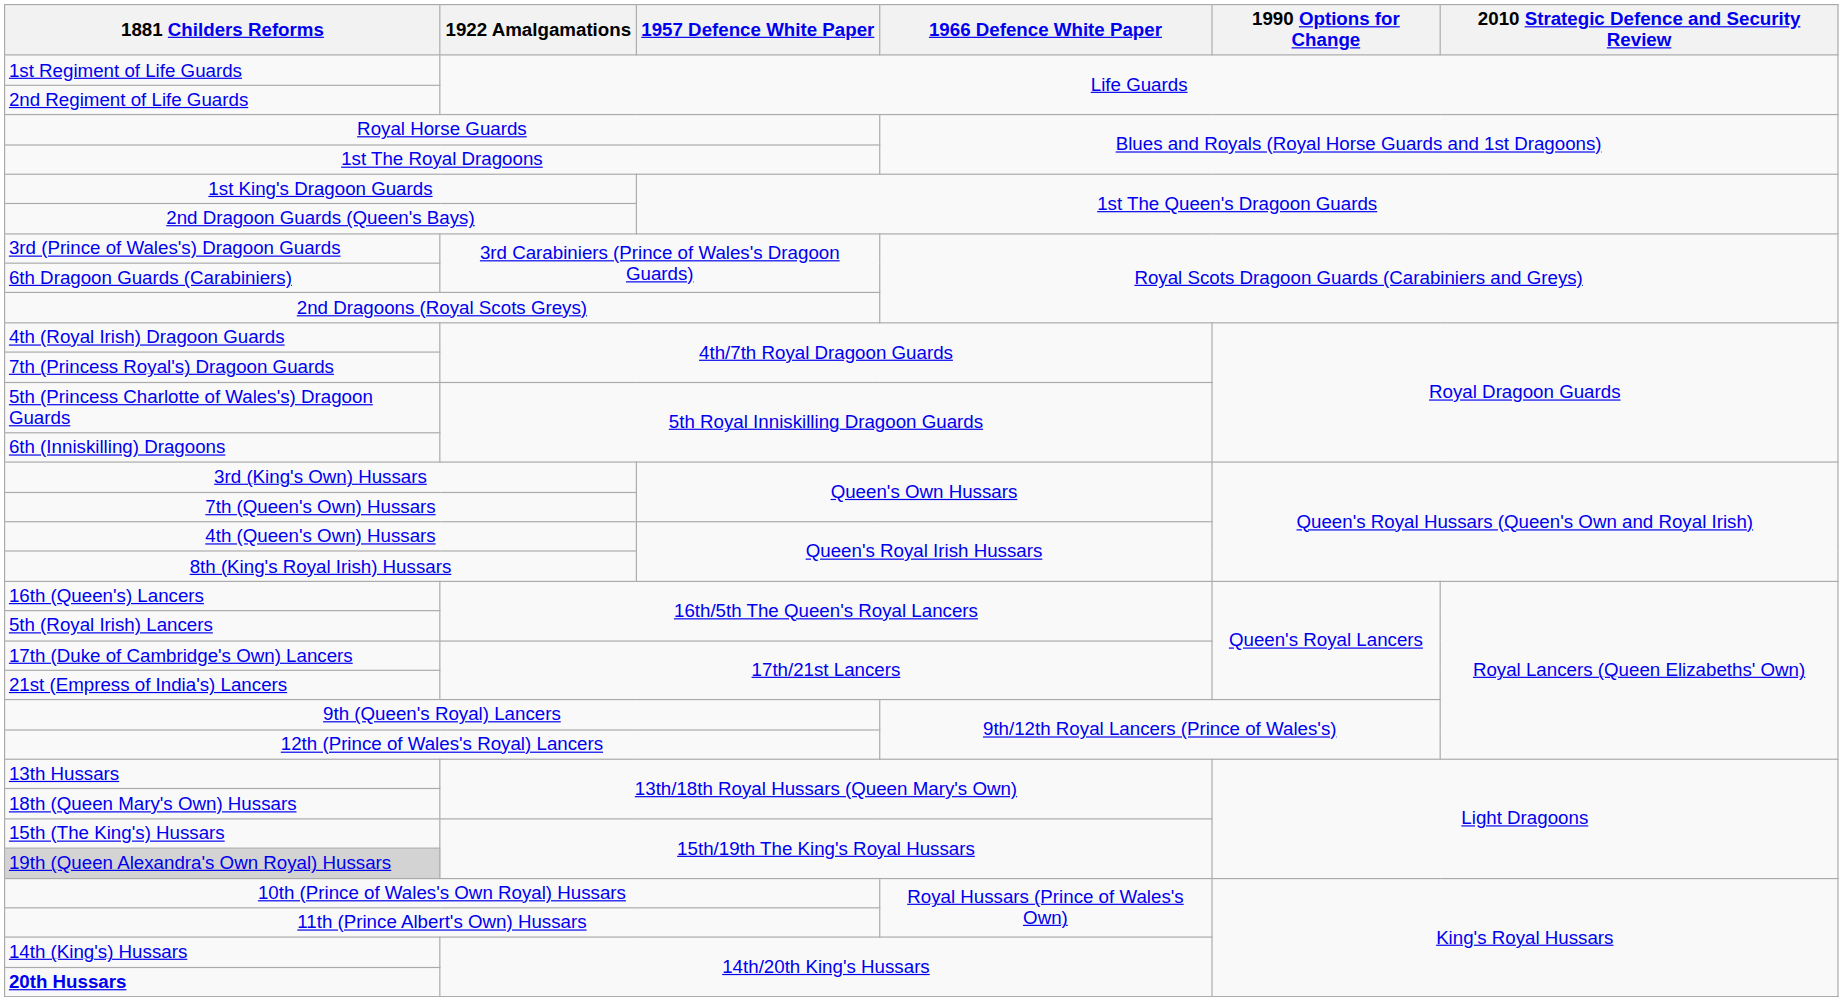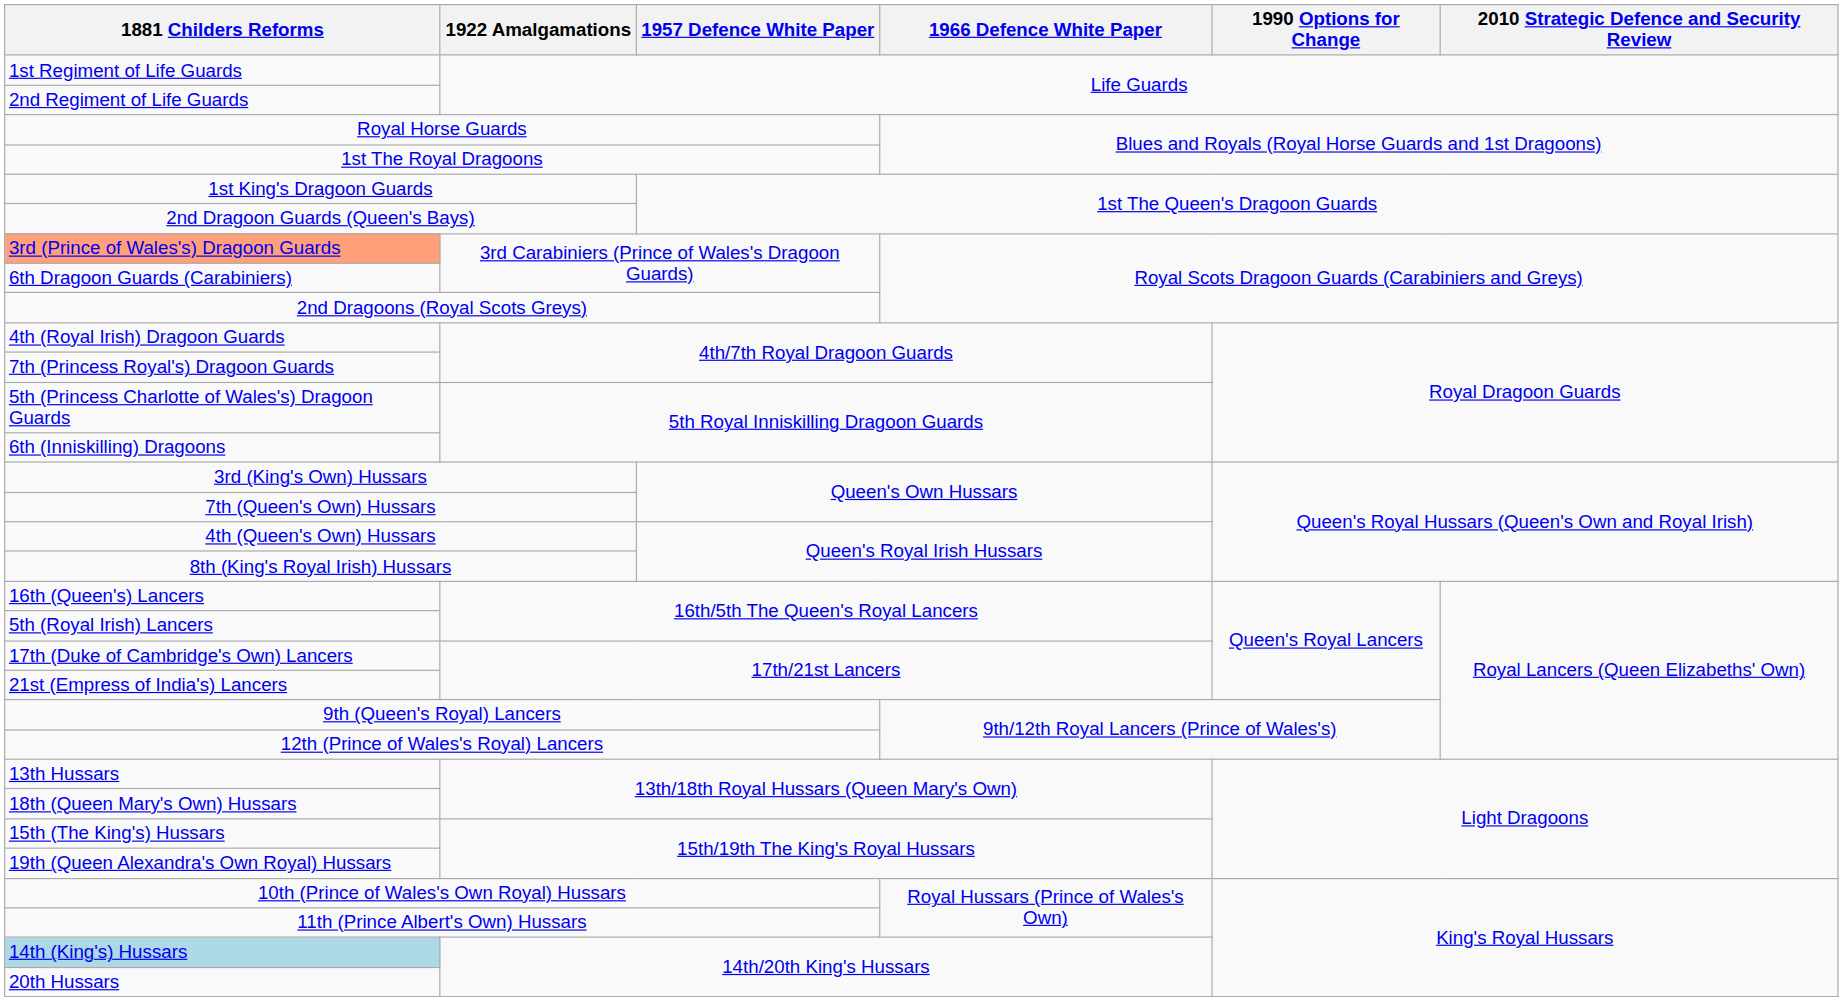 <table class="wikitable">
 <tr>
 <th>1881 <a href='#'>Childers Reforms</a></th>
 <th>1922 Amalgamations</th>
 <th><a href='#'>1957 Defence White Paper</a></th>
 <th><a href='#'>1966 Defence White Paper</a></th>
 <th>1990 <a href='#'>Options for Change</a></th>
 <th>2010 <a href='#'>Strategic Defence and Security Review</a></th>
 </tr>
 <tr>
 <td><a href='#'>1st Regiment of Life Guards</a></td>
 <td rowspan="2" colspan="5" style="text-align: center;"><a href='#'>Life Guards</a></td>
 </tr>
 <tr>
 <td><a href='#'>2nd Regiment of Life Guards</a></td>
 </tr>
 <tr>
 <td rowspan="1" colspan="3" style="text-align: center;"><a href='#'>Royal Horse Guards</a></td>
 <td rowspan="2" colspan="3" style="text-align: center;"><a href='#'>Blues and Royals (Royal Horse Guards and 1st Dragoons)</a></td>
 </tr>
 <tr>
 <td rowspan="1" colspan="3" style="text-align: center;"><a href='#'>1st The Royal Dragoons</a></td>
 </tr>
 <tr>
 <td rowspan="1" colspan="2" style="text-align: center;"><a href='#'>1st King's Dragoon Guards</a></td>
 <td rowspan="2" colspan="4" style="text-align: center;"><a href='#'>1st The Queen's Dragoon Guards</a></td>
 </tr>
 <tr>
 <td rowspan="1" colspan="2" style="text-align: center;"><a href='#'>2nd Dragoon Guards (Queen's Bays)</a></td>
 </tr>
 <tr>
-<td><a href='#'>3rd (Prince of Wales's) Dragoon Guards</a></td>
+<td style="background: lightsalmon;"><a href='#'>3rd (Prince of Wales's) Dragoon Guards</a></td>
 <td rowspan="2" colspan="2" style="text-align: center;"><a href='#'>3rd Carabiniers (Prince of Wales's Dragoon Guards)</a></td>
 <td rowspan="3" colspan="3" style="text-align: center;"><a href='#'>Royal Scots Dragoon Guards (Carabiniers and Greys)</a></td>
 </tr>
 <tr>
 <td><a href='#'>6th Dragoon Guards (Carabiniers)</a></td>
 </tr>
 <tr>
 <td rowspan="1" colspan="3" style="text-align: center;"><a href='#'>2nd Dragoons (Royal Scots Greys)</a></td>
 </tr>
 <tr>
 <td><a href='#'>4th (Royal Irish) Dragoon Guards</a></td>
 <td rowspan="2" colspan="3" style="text-align: center;"><a href='#'>4th/7th Royal Dragoon Guards</a></td>
 <td rowspan="4" colspan="2" style="text-align: center;"><a href='#'>Royal Dragoon Guards</a></td>
 </tr>
 <tr>
 <td><a href='#'>7th (Princess Royal's) Dragoon Guards</a></td>
 </tr>
 <tr>
 <td><a href='#'>5th (Princess Charlotte of Wales's) Dragoon Guards</a></td>
 <td rowspan="2" colspan="3" style="text-align: center;"><a href='#'>5th Royal Inniskilling Dragoon Guards</a></td>
 </tr>
 <tr>
 <td><a href='#'>6th (Inniskilling) Dragoons</a></td>
 </tr>
 <tr>
 <td rowspan="1" colspan="2" style="text-align: center;"><a href='#'>3rd (King's Own) Hussars</a></td>
 <td rowspan="2" colspan="2" style="text-align: center;"><a href='#'>Queen's Own Hussars</a></td>
 <td rowspan="4" colspan="2" style="text-align: center;"><a href='#'>Queen's Royal Hussars (Queen's Own and Royal Irish)</a></td>
 </tr>
 <tr>
 <td rowspan="1" colspan="2" style="text-align: center;"><a href='#'>7th (Queen's Own) Hussars</a></td>
 </tr>
 <tr>
 <td rowspan="1" colspan="2" style="text-align: center;"><a href='#'>4th (Queen's Own) Hussars</a></td>
 <td rowspan="2" colspan="2" style="text-align: center;"><a href='#'>Queen's Royal Irish Hussars</a></td>
 </tr>
 <tr>
 <td rowspan="1" colspan="2" style="text-align: center;"><a href='#'>8th (King's Royal Irish) Hussars</a></td>
 </tr>
 <tr>
 <td><a href='#'>16th (Queen's) Lancers</a></td>
 <td rowspan="2" colspan="3" style="text-align: center;"><a href='#'>16th/5th The Queen's Royal Lancers</a></td>
 <td rowspan="4" colspan="1" style="text-align: center;"><a href='#'>Queen's Royal Lancers</a></td>
 <td rowspan="6" colspan="1" style="text-align: center;"><a href='#'>Royal Lancers (Queen Elizabeths' Own)</a></td>
 </tr>
 <tr>
 <td><a href='#'>5th (Royal Irish) Lancers</a></td>
 </tr>
 <tr>
 <td><a href='#'>17th (Duke of Cambridge's Own) Lancers</a></td>
 <td rowspan="2" colspan="3" style="text-align: center;"><a href='#'>17th/21st Lancers</a></td>
 </tr>
 <tr>
 <td><a href='#'>21st (Empress of India's) Lancers</a></td>
 </tr>
 <tr>
 <td rowspan="1" colspan="3" style="text-align: center;"><a href='#'>9th (Queen's Royal) Lancers</a></td>
 <td rowspan="2" colspan="2" style="text-align: center;"><a href='#'>9th/12th Royal Lancers (Prince of Wales's)</a></td>
 </tr>
 <tr>
 <td rowspan="1" colspan="3" style="text-align: center;"><a href='#'>12th (Prince of Wales's Royal) Lancers</a></td>
 </tr>
 <tr>
 <td><a href='#'>13th Hussars</a></td>
 <td rowspan="2" colspan="3" style="text-align: center;"><a href='#'>13th/18th Royal Hussars (Queen Mary's Own)</a></td>
 <td rowspan="4" colspan="2" style="text-align: center;"><a href='#'>Light Dragoons</a></td>
 </tr>
 <tr>
 <td><a href='#'>18th (Queen Mary's Own) Hussars</a></td>
 </tr>
 <tr>
 <td><a href='#'>15th (The King's) Hussars</a></td>
 <td rowspan="2" colspan="3" style="text-align: center;"><a href='#'>15th/19th The King's Royal Hussars</a></td>
 </tr>
 <tr>
-<td style="background: lightgrey;"><a href='#'>19th (Queen Alexandra's Own Royal) Hussars</a></td>
+<td><a href='#'>19th (Queen Alexandra's Own Royal) Hussars</a></td>
 </tr>
 <tr>
 <td rowspan="1" colspan="3" style="text-align: center;"><a href='#'>10th (Prince of Wales's Own Royal) Hussars</a></td>
 <td rowspan="2" colspan="1" style="text-align: center;"><a href='#'>Royal Hussars (Prince of Wales's Own)</a></td>
 <td rowspan="4" colspan="2" style="text-align: center;"><a href='#'>King's Royal Hussars</a></td>
 </tr>
 <tr>
 <td rowspan="1" colspan="3" style="text-align: center;"><a href='#'>11th (Prince Albert's Own) Hussars</a></td>
 </tr>
 <tr>
-<td><a href='#'>14th (King's) Hussars</a></td>
+<td style="background: lightblue;"><a href='#'>14th (King's) Hussars</a></td>
 <td rowspan="2" colspan="3" style="text-align: center;"><a href='#'>14th/20th King's Hussars</a></td>
 </tr>
 <tr>
-<td><strong><a href='#'>20th Hussars</a></strong></td>
+<td><a href='#'>20th Hussars</a></td>
 </tr>
 <tr>
 </tr>
 </table>
